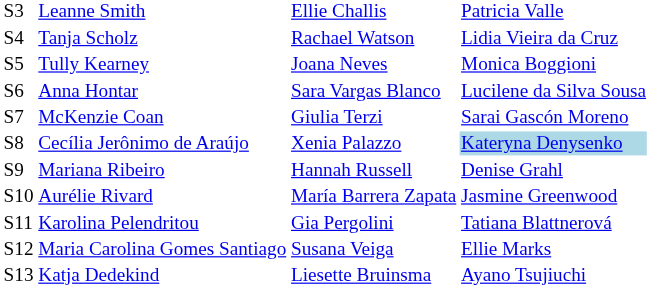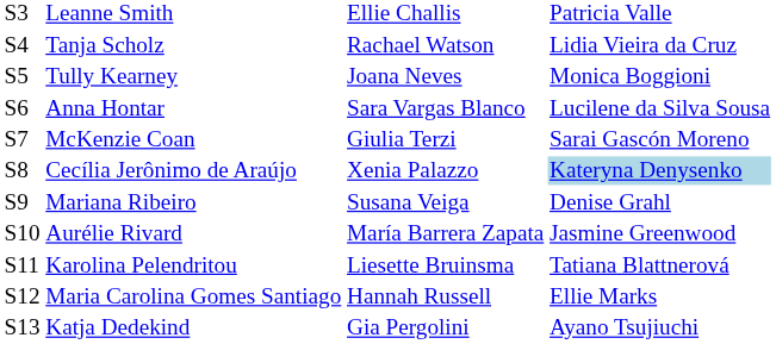 <table>
 <tr>
 <td>S3</td>
 <td><a href='#'>Leanne Smith</a><br></td>
 <td><a href='#'>Ellie Challis</a><br></td>
 <td><a href='#'>Patricia Valle</a><br></td>
 </tr>
 <tr>
 <td>S4</td>
 <td><a href='#'>Tanja Scholz</a><br></td>
 <td><a href='#'>Rachael Watson</a><br></td>
 <td><a href='#'>Lidia Vieira da Cruz</a><br></td>
 </tr>
 <tr>
 <td>S5</td>
 <td><a href='#'>Tully Kearney</a><br></td>
 <td><a href='#'>Joana Neves</a><br></td>
 <td><a href='#'>Monica Boggioni</a><br></td>
 </tr>
 <tr>
 <td>S6</td>
 <td><a href='#'>Anna Hontar</a><br></td>
 <td><a href='#'>Sara Vargas Blanco</a><br></td>
 <td><a href='#'>Lucilene da Silva Sousa</a><br></td>
 </tr>
 <tr>
 <td>S7</td>
 <td><a href='#'>McKenzie Coan</a><br></td>
 <td><a href='#'>Giulia Terzi</a><br></td>
 <td><a href='#'>Sarai Gascón Moreno</a><br></td>
 </tr>
 <tr>
 <td>S8</td>
 <td><a href='#'>Cecília Jerônimo de Araújo</a><br></td>
 <td><a href='#'>Xenia Palazzo</a><br></td>
 <td style="background: lightblue;"><a href='#'>Kateryna Denysenko</a><br></td>
 </tr>
 <tr>
 <td>S9</td>
 <td><a href='#'>Mariana Ribeiro</a><br></td>
-<td><a href='#'>Hannah Russell</a><br></td>
+<td><a href='#'>Susana Veiga</a><br></td>
 <td><a href='#'>Denise Grahl</a><br></td>
 </tr>
 <tr>
 <td>S10</td>
 <td><a href='#'>Aurélie Rivard</a><br></td>
 <td><a href='#'>María Barrera Zapata</a><br></td>
 <td><a href='#'>Jasmine Greenwood</a><br></td>
 </tr>
 <tr>
 <td>S11</td>
 <td><a href='#'>Karolina Pelendritou</a><br></td>
-<td><a href='#'>Gia Pergolini</a><br></td>
+<td><a href='#'>Liesette Bruinsma</a><br></td>
 <td><a href='#'>Tatiana Blattnerová</a><br></td>
 </tr>
 <tr>
 <td>S12</td>
 <td><a href='#'>Maria Carolina Gomes Santiago</a><br></td>
-<td><a href='#'>Susana Veiga</a><br></td>
+<td><a href='#'>Hannah Russell</a><br></td>
 <td><a href='#'>Ellie Marks</a><br></td>
 </tr>
 <tr>
 <td>S13</td>
 <td><a href='#'>Katja Dedekind</a><br></td>
-<td><a href='#'>Liesette Bruinsma</a><br></td>
+<td><a href='#'>Gia Pergolini</a><br></td>
 <td><a href='#'>Ayano Tsujiuchi</a><br></td>
 </tr>
 </table>
